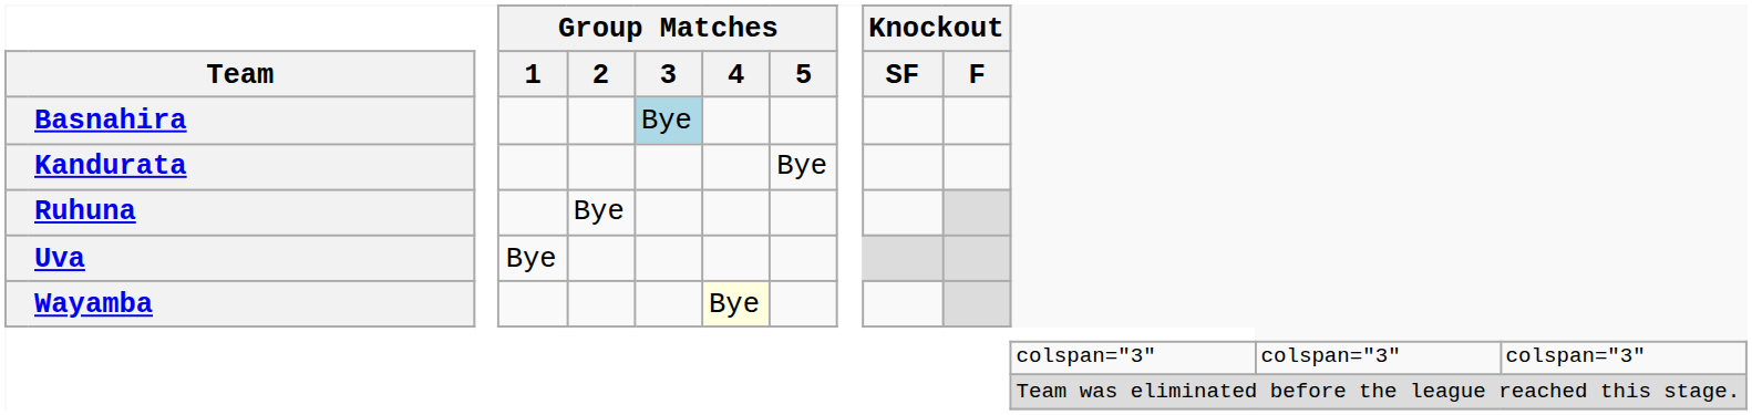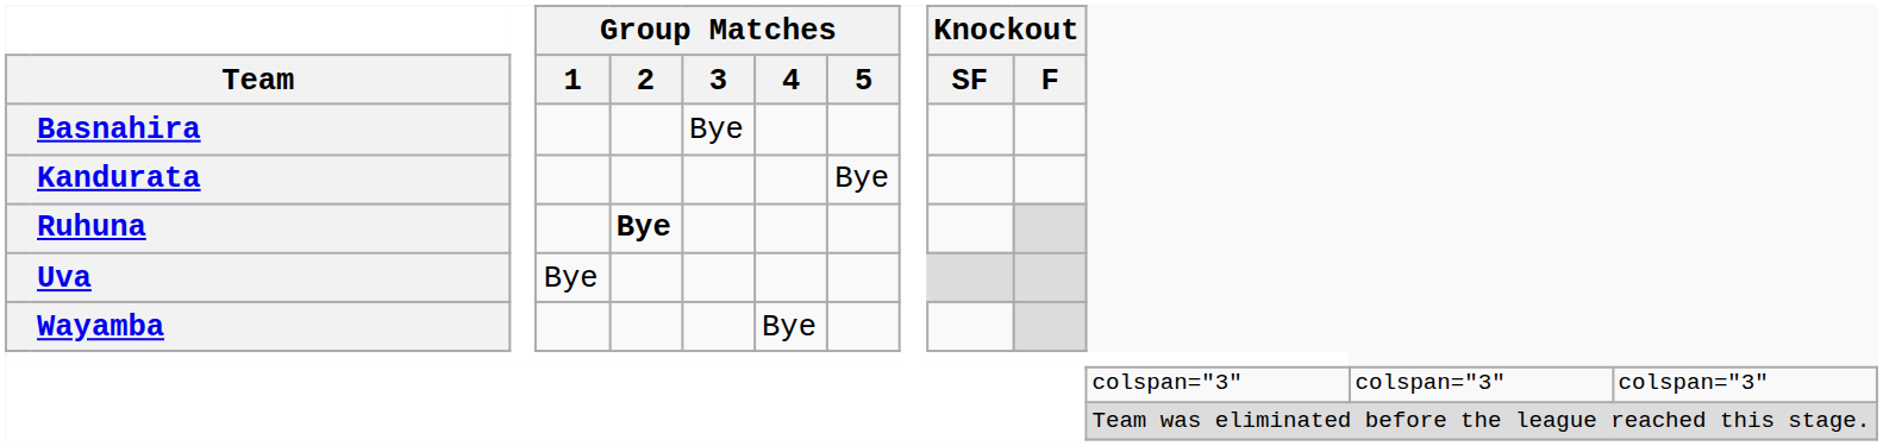 <table class="wikitable" style="border:none">
 <tr>
 <td colspan="2" style="background:white; border:none"></td>
 <td rowspan="8"  style="width:5px;; border:none; background:white;"></td>
 <th colspan="5"><span>Group Matches</span></th>
 <td rowspan="8"  style="width:5px;; border:none; background:white;"></td>
 <th colspan="2"><span>Knockout</span></th>
 </tr>
 <tr>
 <th colspan="2" style="width:210px; vertical-align:center;">Team</th>
 <th width=25>1</th>
 <th width=25>2</th>
 <th width=25>3</th>
 <th width=25>4</th>
 <th width=25>5</th>
 <th><span>SF</span></th>
 <th width=25><span>F</span></th>
 </tr>
 <tr>
 <th style="width:5px; border-right:none"></th>
 <th style="text-align:left; border-left:none"><a href='#'>Basnahira</a></th>
 <td></td>
 <td></td>
-<td style="background: lightblue;">Bye</td>
+<td>Bye</td>
 <td></td>
 <td></td>
 <td></td>
 <td></td>
 </tr>
 <tr>
 <th style="width:5px; border-right:none"></th>
 <th style="text-align:left; border-left:none"><a href='#'>Kandurata</a></th>
 <td></td>
 <td></td>
 <td></td>
 <td></td>
 <td>Bye</td>
 <td></td>
 <td></td>
 </tr>
 <tr>
 <th style="width:5px; border-right:none"></th>
 <th style="text-align:left; border-left:none"><a href='#'>Ruhuna</a></th>
 <td></td>
-<td>Bye</td>
+<td><strong>Bye</strong></td>
 <td></td>
 <td></td>
 <td></td>
 <td></td>
 <td style="background:#dcdcdc; border-left:none"></td>
 </tr>
 <tr>
 <th style="width:5px; border-right:none"></th>
 <th style="text-align:left; border-left:none"><a href='#'>Uva</a></th>
 <td>Bye</td>
 <td></td>
 <td></td>
 <td></td>
 <td></td>
 <td style="background:#dcdcdc; border-left:none"></td>
 <td style="background:#dcdcdc; border-left:none"></td>
 </tr>
 <tr>
 <th style="width:5px; border-right:none"></th>
 <th style="text-align:left; border-left:none"><a href='#'>Wayamba</a></th>
 <td></td>
 <td></td>
 <td></td>
-<td style="background: lightyellow;">Bye</td>
+<td>Bye</td>
 <td></td>
 <td></td>
 <td style="background:#dcdcdc; border-left:none"></td>
 </tr>
 <tr style="background:white;">
 <td colspan="2" style="border:none"></td>
 <td style="border:none;"></td>
 <td colspan="5" style="border:none"></td>
 <td style="border:none;"></td>
 <td colspan="2" style="border:none"></td>
 </tr>
 <tr style="font-size:75%">
 <td colspan="11" style="background:white; border:none; vertical-align:center"><br></td>
 <td>colspan="3" </td>
 <td>colspan="3" </td>
 <td>colspan="3" </td>
 </tr>
 <tr style="font-size:75%">
 <td colspan="11" style="background:white; border:none; vertical-align:top"><br></td>
 <td colspan="9" style="background:#dcdcdc; text-align:center; vertical-align:center">Team was eliminated before the league reached this stage.</td>
 </tr>
 </table>
